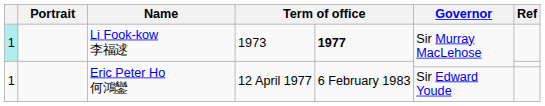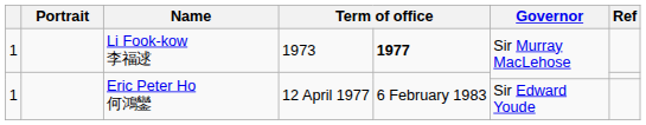 <table class="wikitable"  style="text-align:left">
 <tr>
 <th width=10px></th>
 <th width=80px>Portrait</th>
 <th width=180px>Name</th>
 <th width=180px colspan=2>Term of office</th>
 <th width=120px><a href='#'>Governor</a></th>
 <th>Ref</th>
 </tr>
 <tr>
-<td align=center style="background: paleturquoise;">1</td>
+<td align=center>1</td>
 <td></td>
 <td><a href='#'>Li Fook-kow</a><br>李福逑</td>
 <td>1973</td>
 <td><strong>1977</strong></td>
 <td rowspan=2>Sir <a href='#'>Murray MacLehose</a><br></td>
 <td></td>
 </tr>
 <tr>
 <td align=center rowspan=2>1</td>
 <td rowspan=2></td>
 <td rowspan=2><a href='#'>Eric Peter Ho</a><br>何鴻鑾</td>
 <td rowspan=2>12 April 1977</td>
 <td rowspan=2>6 February 1983</td>
 <td></td>
 </tr>
 <tr>
 <td>Sir <a href='#'>Edward Youde</a><br></td>
 <td></td>
 </tr>
 </table>
